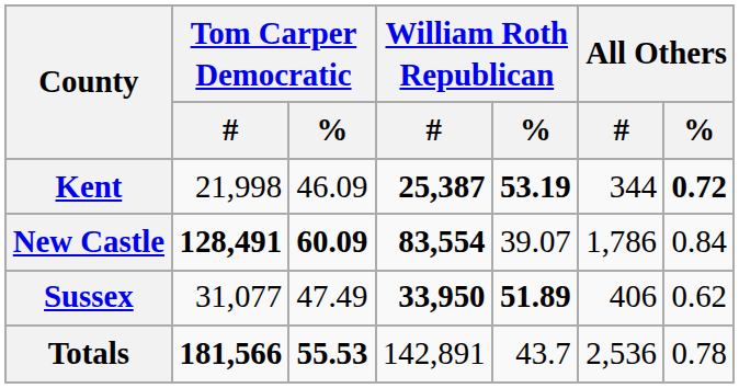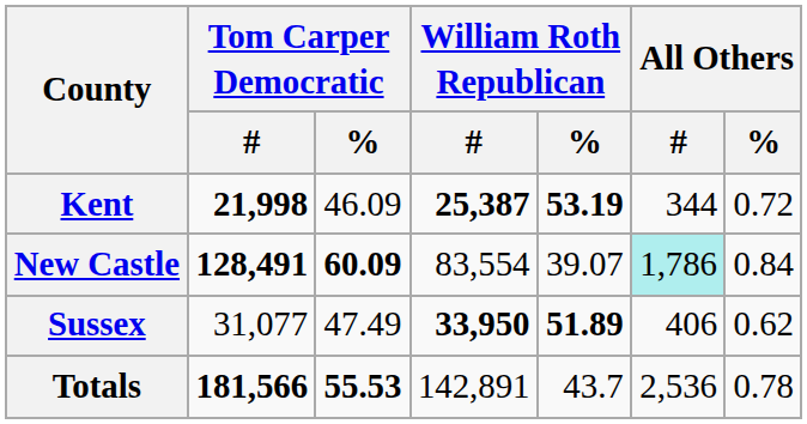 <table class="wikitable sortable" style="text-align:right;font-size:90%;line-height:1.3">
 <tr>
 <th rowspan="2">County</th>
 <th colspan="2"><a href='#'>Tom Carper</a><br><a href='#'>Democratic</a></th>
 <th colspan="2"><a href='#'>William Roth</a><br><a href='#'>Republican</a></th>
 <th colspan="2">All Others</th>
 </tr>
 <tr>
 <th data-sort-type="number">#</th>
 <th data-sort-type="number">%</th>
 <th data-sort-type="number">#</th>
 <th data-sort-type="number">%</th>
 <th data-sort-type="number">#</th>
 <th data-sort-type="number">%</th>
 </tr>
 <tr>
 <th><a href='#'>Kent</a></th>
-<td>21,998</td>
+<td><strong>21,998</strong></td>
 <td>46.09</td>
 <td><strong>25,387</strong></td>
 <td><strong>53.19</strong></td>
 <td>344</td>
-<td><strong>0.72</strong></td>
+<td>0.72</td>
 </tr>
 <tr>
 <th><a href='#'>New Castle</a></th>
 <td><strong>128,491</strong></td>
 <td><strong>60.09</strong></td>
-<td><strong>83,554</strong></td>
+<td>83,554</td>
 <td>39.07</td>
-<td>1,786</td>
+<td style="background: paleturquoise;">1,786</td>
 <td>0.84</td>
 </tr>
 <tr>
 <th><a href='#'>Sussex</a></th>
 <td>31,077</td>
 <td>47.49</td>
 <td><strong>33,950</strong></td>
 <td><strong>51.89</strong></td>
 <td>406</td>
 <td>0.62</td>
 </tr>
 <tr class="sortbottom">
 <th>Totals</th>
 <td><strong>181,566</strong></td>
 <td><strong>55.53</strong></td>
 <td>142,891</td>
 <td>43.7</td>
 <td>2,536</td>
 <td>0.78</td>
 </tr>
 </table>
